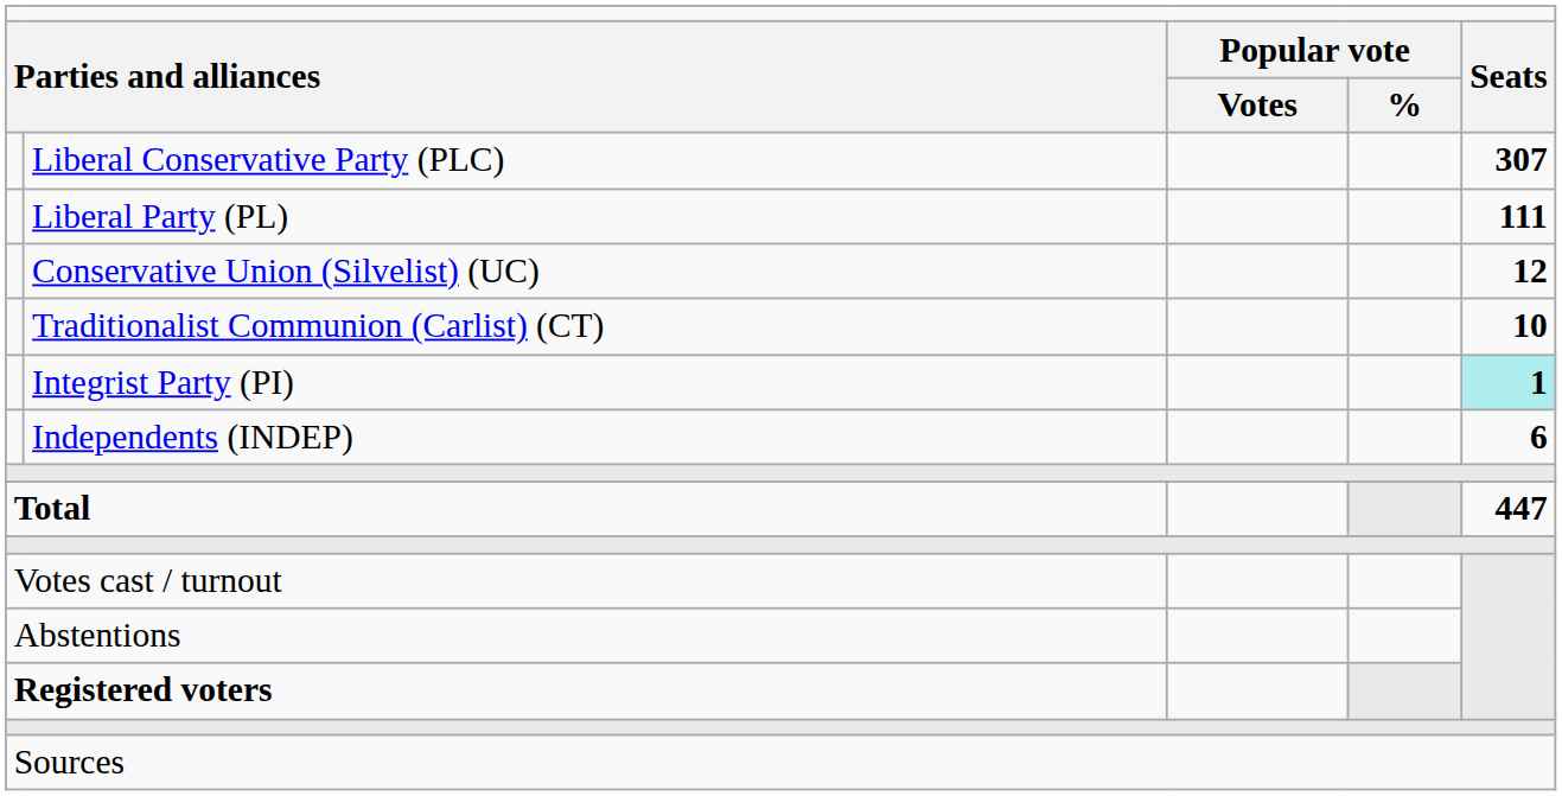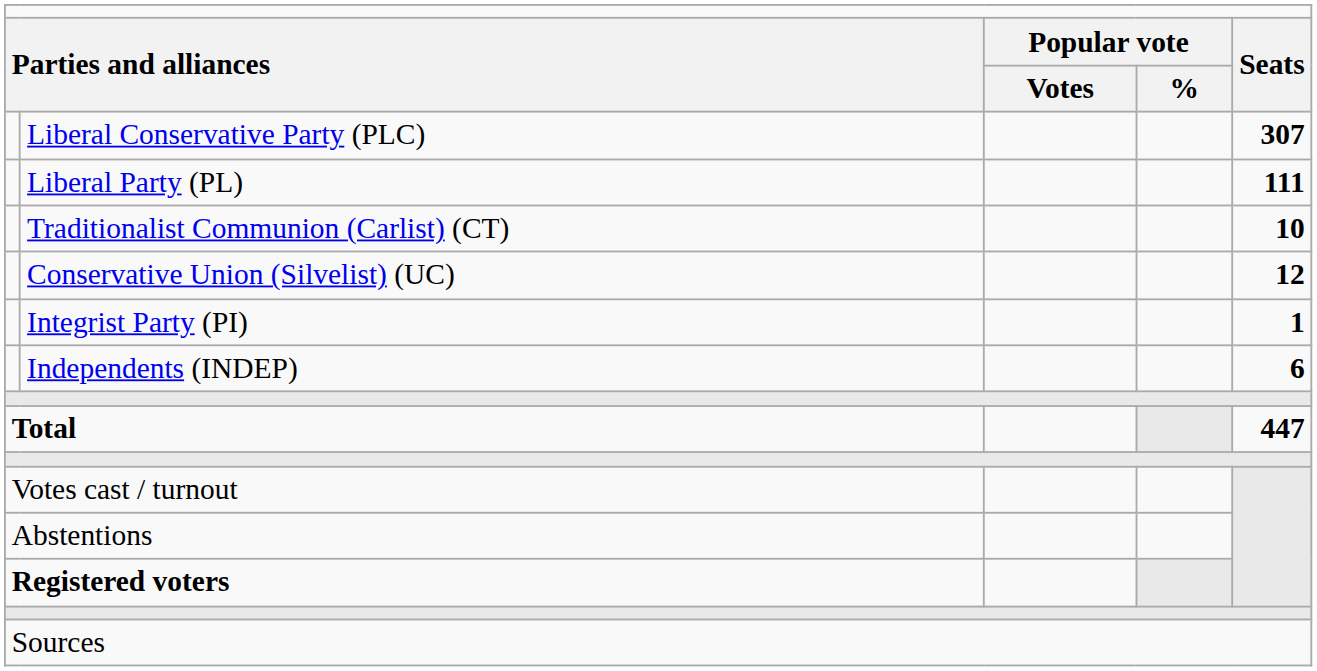 <table class="wikitable" style="text-align:right;">
 <tr>
 <td colspan="5"></td>
 </tr>
 <tr>
 <th style="text-align:left;" rowspan="2" colspan="2" width="525">Parties and alliances</th>
 <th colspan="2">Popular vote</th>
 <th rowspan="2" width="35">Seats</th>
 </tr>
 <tr>
 <th width="75">Votes</th>
 <th width="45">%</th>
 </tr>
 <tr>
 <td width="1" style="color:inherit;background:"></td>
 <td align="left"><a href='#'>Liberal Conservative Party</a> (PLC)</td>
 <td></td>
 <td></td>
 <td><strong>307</strong></td>
 </tr>
 <tr>
 <td style="color:inherit;background:"></td>
 <td align="left"><a href='#'>Liberal Party</a> (PL)</td>
 <td></td>
 <td></td>
 <td><strong>111</strong></td>
 </tr>
 <tr>
 <td style="color:inherit;background:"></td>
+<td align="left"><a href='#'>Traditionalist Communion (Carlist)</a> (CT)</td>
+<td></td>
+<td></td>
+<td><strong>10</strong></td>
+</tr>
+<tr>
+<td style="color:inherit;background:"></td>
 <td align="left"><a href='#'>Conservative Union (Silvelist)</a> (UC)</td>
 <td></td>
 <td></td>
 <td><strong>12</strong></td>
 </tr>
 <tr>
 <td style="color:inherit;background:"></td>
-<td align="left"><a href='#'>Traditionalist Communion (Carlist)</a> (CT)</td>
-<td></td>
-<td></td>
-<td><strong>10</strong></td>
-</tr>
-<tr>
-<td style="color:inherit;background:"></td>
 <td align="left"><a href='#'>Integrist Party</a> (PI)</td>
 <td></td>
 <td></td>
-<td style="background: paleturquoise;"><strong>1</strong></td>
+<td><strong>1</strong></td>
 </tr>
 <tr>
 <td style="color:inherit;background:"></td>
 <td align="left"><a href='#'>Independents</a> (INDEP)</td>
 <td></td>
 <td></td>
 <td><strong>6</strong></td>
 </tr>
 <tr>
 <td colspan="5" bgcolor="#E9E9E9"></td>
 </tr>
 <tr style="font-weight:bold;">
 <td align="left" colspan="2">Total</td>
 <td></td>
 <td bgcolor="#E9E9E9"></td>
 <td>447</td>
 </tr>
 <tr>
 <td colspan="5" bgcolor="#E9E9E9"></td>
 </tr>
 <tr>
 <td align="left" colspan="2">Votes cast / turnout</td>
 <td></td>
 <td></td>
 <td bgcolor="#E9E9E9" rowspan="3"></td>
 </tr>
 <tr>
 <td align="left" colspan="2">Abstentions</td>
 <td></td>
 <td></td>
 </tr>
 <tr style="font-weight:bold;">
 <td align="left" colspan="2">Registered voters</td>
 <td></td>
 <td bgcolor="#E9E9E9"></td>
 </tr>
 <tr>
 <td colspan="5" bgcolor="#E9E9E9"></td>
 </tr>
 <tr>
 <td align="left" colspan="5">Sources</td>
 </tr>
 </table>
